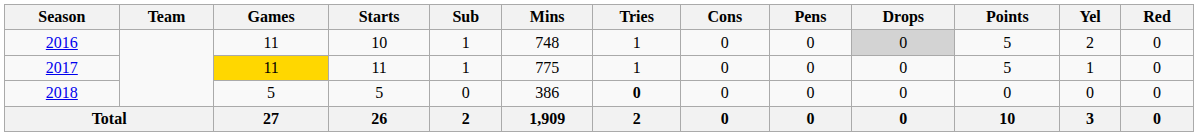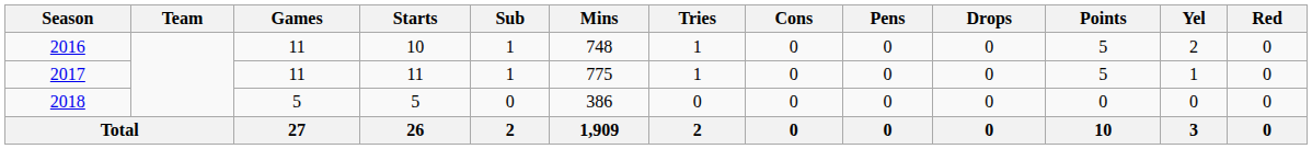 <table class="wikitable" style="text-align:center; width:60%;">
 <tr>
 <th>Season</th>
 <th>Team</th>
 <th>Games</th>
 <th>Starts</th>
 <th>Sub</th>
 <th>Mins</th>
 <th>Tries</th>
 <th>Cons</th>
 <th>Pens</th>
 <th>Drops</th>
 <th>Points</th>
 <th>Yel</th>
 <th>Red</th>
 </tr>
 <tr>
 <td><a href='#'>2016</a></td>
 <td rowspan="3"></td>
 <td>11</td>
 <td>10</td>
 <td>1</td>
 <td>748</td>
 <td>1</td>
 <td>0</td>
 <td>0</td>
-<td style="background: lightgrey;">0</td>
+<td>0</td>
 <td>5</td>
 <td>2</td>
 <td>0</td>
 </tr>
 <tr>
 <td><a href='#'>2017</a></td>
-<td style="background: gold;">11</td>
+<td>11</td>
 <td>11</td>
 <td>1</td>
 <td>775</td>
 <td>1</td>
 <td>0</td>
 <td>0</td>
 <td>0</td>
 <td>5</td>
 <td>1</td>
 <td>0</td>
 </tr>
 <tr>
 <td><a href='#'>2018</a></td>
 <td>5</td>
 <td>5</td>
 <td>0</td>
 <td>386</td>
-<td><strong>0</strong></td>
+<td>0</td>
 <td>0</td>
 <td>0</td>
 <td>0</td>
 <td>0</td>
 <td>0</td>
 <td>0</td>
 </tr>
 <tr>
 <th colspan="2">Total</th>
 <th>27</th>
 <th>26</th>
 <th>2</th>
 <th>1,909</th>
 <th>2</th>
 <th>0</th>
 <th>0</th>
 <th>0</th>
 <th>10</th>
 <th>3</th>
 <th>0</th>
 </tr>
 </table>
